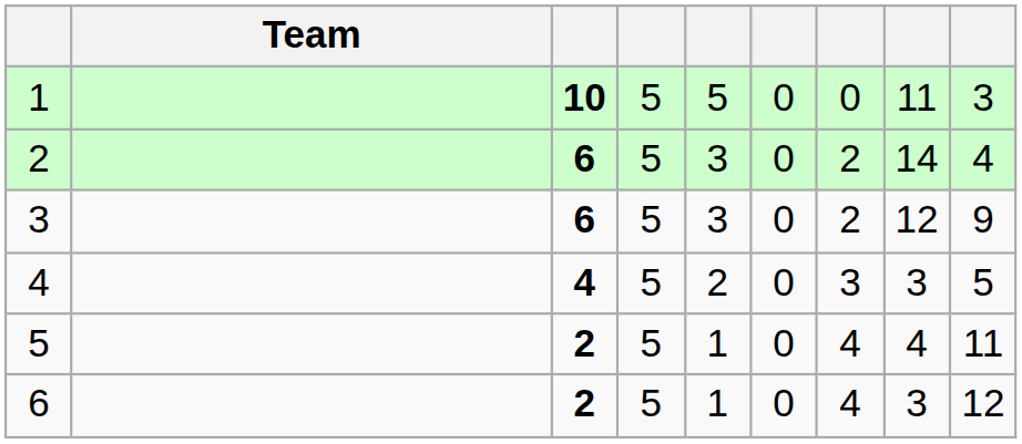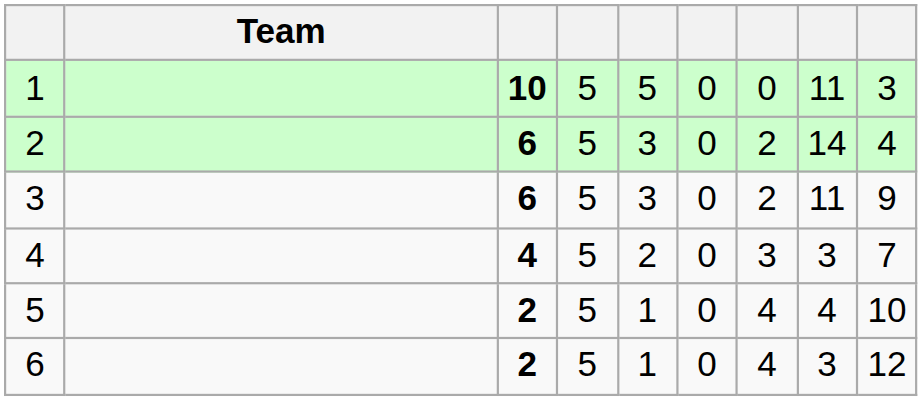 <table class="wikitable" style="text-align: center;">
 <tr>
 <th width="20"></th>
 <th width="190">Team</th>
 <th width="20"></th>
 <th width="20"></th>
 <th width="20"></th>
 <th width="20"></th>
 <th width="20"></th>
 <th width="20"></th>
 <th width="20"></th>
 </tr>
 <tr bgcolor=ccffcc>
 <td>1</td>
 <td style="text-align:left;"></td>
 <td><strong>10</strong></td>
 <td>5</td>
 <td>5</td>
 <td>0</td>
 <td>0</td>
 <td>11</td>
 <td>3</td>
 </tr>
 <tr bgcolor=ccffcc>
 <td>2</td>
 <td style="text-align:left;"></td>
 <td><strong>6</strong></td>
 <td>5</td>
 <td>3</td>
 <td>0</td>
 <td>2</td>
 <td>14</td>
 <td>4</td>
 </tr>
 <tr>
 <td>3</td>
 <td style="text-align:left;"></td>
 <td><strong>6</strong></td>
 <td>5</td>
 <td>3</td>
 <td>0</td>
 <td>2</td>
-<td>12</td>
+<td>11</td>
 <td>9</td>
 </tr>
 <tr>
 <td>4</td>
 <td style="text-align:left;"></td>
 <td><strong>4</strong></td>
 <td>5</td>
 <td>2</td>
 <td>0</td>
 <td>3</td>
 <td>3</td>
-<td>5</td>
+<td>7</td>
 </tr>
 <tr>
 <td>5</td>
 <td style="text-align:left;"></td>
 <td><strong>2</strong></td>
 <td>5</td>
 <td>1</td>
 <td>0</td>
 <td>4</td>
 <td>4</td>
-<td>11</td>
+<td>10</td>
 </tr>
 <tr>
 <td>6</td>
 <td style="text-align:left;"></td>
 <td><strong>2</strong></td>
 <td>5</td>
 <td>1</td>
 <td>0</td>
 <td>4</td>
 <td>3</td>
 <td>12</td>
 </tr>
 </table>
